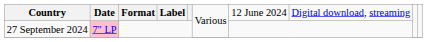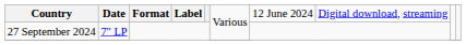 <table class="wikitable">
 <tr>
 <th>Country</th>
 <th>Date</th>
 <th>Format</th>
 <th>Label</th>
 <th></th>
 <td rowspan="2">Various</td>
 <td>12 June 2024</td>
 <td rowspan="1"><a href='#'>Digital download</a>, <a href='#'>streaming</a></td>
 <td rowspan="2"></td>
 <td rowspan="2"></td>
 </tr>
 <tr>
 <td>27 September 2024</td>
-<td style="background: pink;"><a href='#'>7" LP</a></td>
+<td><a href='#'>7" LP</a></td>
 </tr>
 <tr>
 </tr>
 </table>
